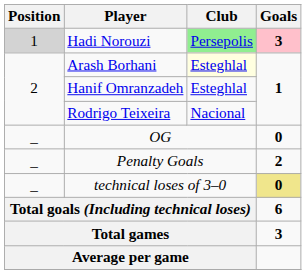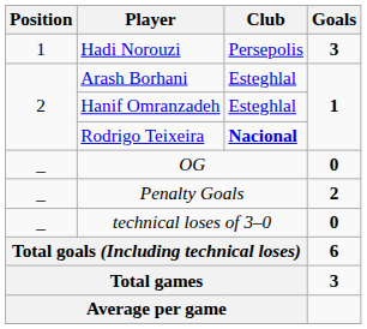 <table class="wikitable">
 <tr>
 <th>Position</th>
 <th>Player</th>
 <th>Club</th>
 <th>Goals</th>
 </tr>
 <tr align="left">
-<td align="center" style="background: lightgrey;">1</td>
+<td align="center">1</td>
 <td> <a href='#'>Hadi Norouzi</a></td>
-<td style="background: lightgreen;"> <a href='#'>Persepolis</a></td>
-<td align="center" style="background: pink;"><strong>3</strong></td>
+<td> <a href='#'>Persepolis</a></td>
+<td align="center"><strong>3</strong></td>
 </tr>
 <tr align="left">
 <td rowspan=3 align="center">2</td>
 <td> <a href='#'>Arash Borhani</a></td>
-<td style="background: lightyellow;"> <a href='#'>Esteghlal</a></td>
+<td> <a href='#'>Esteghlal</a></td>
 <td rowspan=3 align="center"><strong>1</strong></td>
 </tr>
 <tr align="left">
 <td> <a href='#'>Hanif Omranzadeh</a></td>
 <td> <a href='#'>Esteghlal</a></td>
 </tr>
 <tr align="left">
 <td> <a href='#'>Rodrigo Teixeira</a></td>
-<td> <a href='#'>Nacional</a></td>
+<td><strong> <a href='#'>Nacional</a></strong></td>
 </tr>
 <tr align="center">
 <td>_</td>
 <td colspan=2><em>OG</em></td>
 <td><strong>0</strong></td>
 </tr>
 <tr align="center">
 <td>_</td>
 <td colspan=2><em>Penalty Goals</em></td>
 <td><strong>2</strong></td>
 </tr>
 <tr align="center">
 <td>_</td>
 <td colspan=2><em>technical loses of 3–0</em></td>
-<td style="background: khaki;"><strong>0</strong></td>
+<td><strong>0</strong></td>
 </tr>
 <tr>
 <th colspan=3 align=center>Total goals <em>(Including technical loses)</em></th>
 <td align="center"><strong>6</strong></td>
 </tr>
 <tr>
 <th colspan=3 align=center>Total games</th>
 <td align=center><strong>3</strong></td>
 </tr>
 <tr>
 <th colspan=3 align=center>Average per game</th>
 <td align="center"><strong></strong></td>
 </tr>
 <tr>
 </tr>
 </table>
